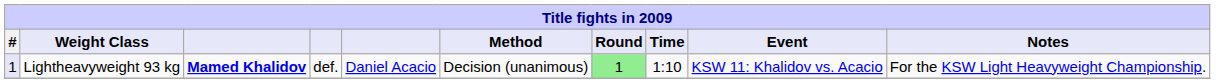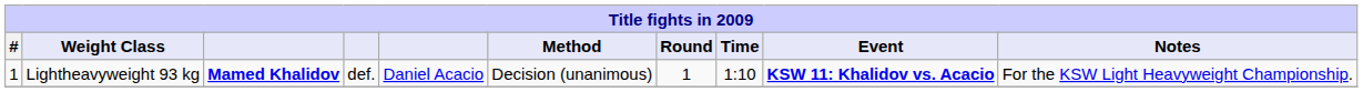 <table class="wikitable" style="font-size: 80%;">
 <tr>
 <th colspan="10" style="background-color: #ccf; color: #000080; text-align: center;"><strong>Title fights in 2009</strong></th>
 </tr>
 <tr>
 <th scope="col">#</th>
 <th colspan="1" style="background-color: #E6E8FA; color: #000000; text-align: center;">Weight Class</th>
 <th colspan="1" style="background-color: #E6E8FA; color: #000000; text-align: center;"></th>
 <th colspan="1" style="background-color: #E6E8FA; color: #000000; text-align: center;"></th>
 <th colspan="1" style="background-color: #E6E8FA; color: #000000; text-align: center;"></th>
 <th colspan="1" style="background-color: #E6E8FA; color: #000000; text-align: center;">Method</th>
 <th colspan="1" style="background-color: #E6E8FA; color: #000000; text-align: center;">Round</th>
 <th colspan="1" style="background-color: #E6E8FA; color: #000000; text-align: center;">Time</th>
 <th colspan="1" style="background-color: #E6E8FA; color: #000000; text-align: center;">Event</th>
 <th colspan="1" style="background-color: #E6E8FA; color: #000000; text-align: center;">Notes</th>
 </tr>
 <tr>
-<td style="background: lavender;">1</td>
+<td>1</td>
 <td>Lightheavyweight 93 kg</td>
 <td><strong> <a href='#'>Mamed Khalidov</a></strong></td>
 <td align=center>def.</td>
 <td> <a href='#'>Daniel Acacio</a></td>
 <td>Decision (unanimous)</td>
-<td align=center style="background: lightgreen;">1</td>
+<td align=center>1</td>
 <td align=center>1:10</td>
-<td><a href='#'>KSW 11: Khalidov vs. Acacio</a></td>
+<td><strong><a href='#'>KSW 11: Khalidov vs. Acacio</a></strong></td>
 <td>For the <a href='#'>KSW Light Heavyweight Championship</a>.</td>
 </tr>
 <tr>
 </tr>
 </table>
